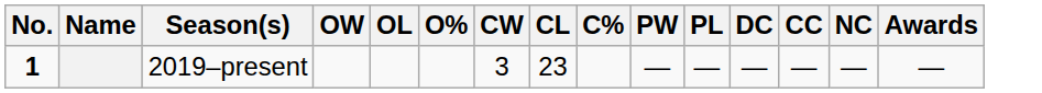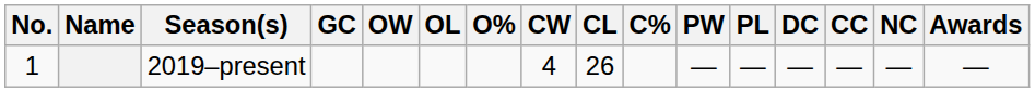 <table class="wikitable sortable plainrowheaders" style="text-align:center">
 <tr>
 <th>No.</th>
 <th>Name</th>
 <th>Season(s)</th>
+<th>GC</th>
 <th>OW</th>
 <th>OL</th>
 <th>O%</th>
 <th>CW</th>
 <th>CL</th>
 <th>C%</th>
 <th>PW</th>
 <th>PL</th>
 <th>DC</th>
 <th>CC</th>
 <th>NC</th>
 <th>Awards</th>
 </tr>
 <tr>
-<td><strong>1</strong></td>
+<td>1</td>
 <th scope="row"></th>
 <td>2019–present</td>
 <td></td>
 <td></td>
 <td></td>
-<td>3</td>
-<td>23</td>
+<td></td>
+<td>4</td>
+<td>26</td>
 <td></td>
 <td>—</td>
 <td>—</td>
 <td>—</td>
 <td>—</td>
 <td>—</td>
 <td>—</td>
 </tr>
 </table>
